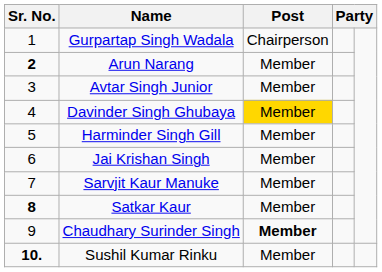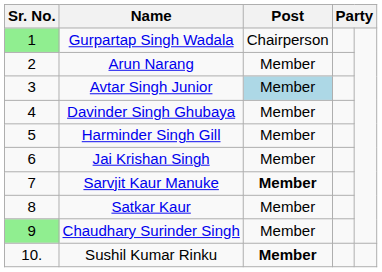 <table class="wikitable sortable">
 <tr>
 <th>Sr. No.</th>
 <th>Name</th>
 <th>Post</th>
 <th colspan="2">Party</th>
 </tr>
 <tr align="center">
-<td>1</td>
+<td style="background: lightgreen;">1</td>
 <td><a href='#'>Gurpartap Singh Wadala</a></td>
 <td>Chairperson</td>
 <td></td>
 </tr>
 <tr align="center">
-<td><strong>2</strong></td>
+<td>2</td>
 <td><a href='#'>Arun Narang</a></td>
 <td>Member</td>
 <td></td>
 </tr>
 <tr align="center">
 <td>3</td>
 <td><a href='#'>Avtar Singh Junior</a></td>
-<td>Member</td>
+<td style="background: lightblue;">Member</td>
 <td></td>
 </tr>
 <tr align="center">
 <td>4</td>
 <td><a href='#'>Davinder Singh Ghubaya</a></td>
-<td style="background: gold;">Member</td>
+<td>Member</td>
 <td></td>
 </tr>
 <tr align="center">
 <td>5</td>
 <td><a href='#'>Harminder Singh Gill</a></td>
 <td>Member</td>
 <td></td>
 </tr>
 <tr align="center">
 <td>6</td>
 <td><a href='#'>Jai Krishan Singh</a></td>
 <td>Member</td>
 <td></td>
 </tr>
 <tr align="center">
 <td>7</td>
 <td><a href='#'>Sarvjit Kaur Manuke</a></td>
-<td>Member</td>
+<td><strong>Member</strong></td>
 <td></td>
 </tr>
 <tr align="center">
-<td><strong>8</strong></td>
+<td>8</td>
 <td><a href='#'>Satkar Kaur</a></td>
 <td>Member</td>
 <td></td>
 </tr>
 <tr align="center">
-<td>9</td>
+<td style="background: lightgreen;">9</td>
 <td><a href='#'>Chaudhary Surinder Singh</a></td>
-<td><strong>Member</strong></td>
+<td>Member</td>
 <td></td>
 </tr>
 <tr align="center">
-<td><strong>10.</strong></td>
+<td>10.</td>
 <td>Sushil Kumar Rinku</td>
-<td>Member</td>
+<td><strong>Member</strong></td>
 <td></td>
 <td></td>
 </tr>
 </table>
